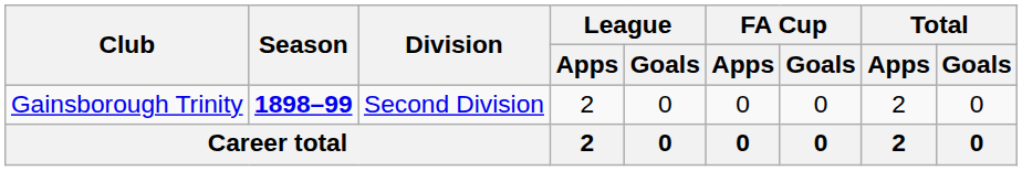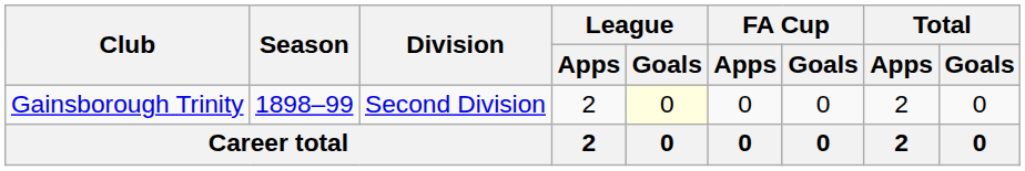 <table class="wikitable" style="text-align:center;">
 <tr>
 <th rowspan="2">Club</th>
 <th rowspan="2">Season</th>
 <th rowspan="2">Division</th>
 <th colspan="2">League</th>
 <th colspan="2">FA Cup</th>
 <th colspan="2">Total</th>
 </tr>
 <tr>
 <th>Apps</th>
 <th>Goals</th>
 <th>Apps</th>
 <th>Goals</th>
 <th>Apps</th>
 <th>Goals</th>
 </tr>
 <tr>
 <td><a href='#'>Gainsborough Trinity</a></td>
-<td><strong><a href='#'>1898–99</a></strong></td>
+<td><a href='#'>1898–99</a></td>
 <td><a href='#'>Second Division</a></td>
 <td>2</td>
-<td>0</td>
+<td style="background: lightyellow;">0</td>
 <td>0</td>
 <td>0</td>
 <td>2</td>
 <td>0</td>
 </tr>
 <tr>
 <th colspan="3">Career total</th>
 <th>2</th>
 <th>0</th>
 <th>0</th>
 <th>0</th>
 <th>2</th>
 <th>0</th>
 </tr>
 </table>
